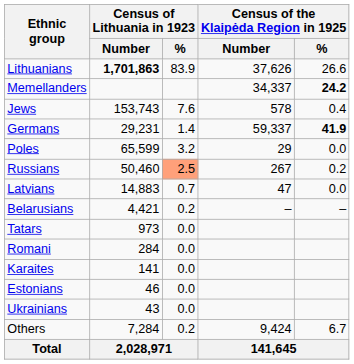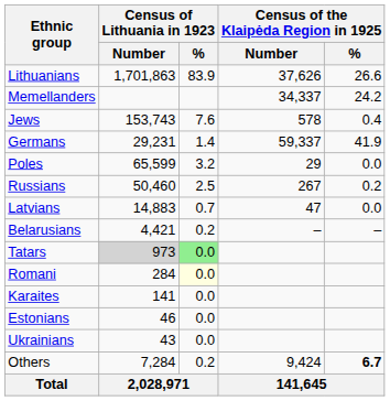 <table class="wikitable sortable">
 <tr bgcolor="#e0e0e0">
 <th rowspan="2">Ethnic<br>group</th>
 <th colspan="2">Census of<br>Lithuania in 1923</th>
 <th colspan="2">Census of the<br><a href='#'>Klaipėda Region</a> in 1925</th>
 </tr>
 <tr bgcolor="#e0e0e0">
 <th>Number</th>
 <th>%</th>
 <th>Number</th>
 <th>%</th>
 </tr>
 <tr>
 <td><a href='#'>Lithuanians</a></td>
-<td align="right"><strong>1,701,863</strong></td>
+<td align="right">1,701,863</td>
 <td align="right">83.9</td>
 <td align="right">37,626</td>
 <td align="right">26.6</td>
 </tr>
 <tr>
 <td><a href='#'>Memellanders</a></td>
 <td align="right"></td>
 <td align="right"></td>
 <td align="right">34,337</td>
-<td align="right"><strong>24.2</strong></td>
+<td align="right">24.2</td>
 </tr>
 <tr>
 <td><a href='#'>Jews</a></td>
 <td align="right">153,743</td>
 <td align="right">7.6</td>
 <td align="right">578</td>
 <td align="right">0.4</td>
 </tr>
 <tr>
 <td><a href='#'>Germans</a></td>
 <td align="right">29,231</td>
 <td align="right">1.4</td>
 <td align="right">59,337</td>
-<td align="right"><strong>41.9</strong></td>
+<td align="right">41.9</td>
 </tr>
 <tr>
 <td><a href='#'>Poles</a></td>
 <td align="right">65,599</td>
 <td align="right">3.2</td>
 <td align="right">29</td>
 <td align="right">0.0</td>
 </tr>
 <tr>
 <td><a href='#'>Russians</a></td>
 <td align="right">50,460</td>
-<td align="right" style="background: lightsalmon;">2.5</td>
+<td align="right">2.5</td>
 <td align="right">267</td>
 <td align="right">0.2</td>
 </tr>
 <tr>
 <td><a href='#'>Latvians</a></td>
 <td align="right">14,883</td>
 <td align="right">0.7</td>
 <td align="right">47</td>
 <td align="right">0.0</td>
 </tr>
 <tr>
 <td><a href='#'>Belarusians</a></td>
 <td align="right">4,421</td>
 <td align="right">0.2</td>
 <td align="right">–</td>
 <td align="right">–</td>
 </tr>
 <tr>
 <td><a href='#'>Tatars</a></td>
-<td align="right">973</td>
-<td align="right">0.0</td>
+<td align="right" style="background: lightgrey;">973</td>
+<td align="right" style="background: lightgreen;">0.0</td>
 <td align="right"></td>
 <td align="right"></td>
 </tr>
 <tr>
 <td><a href='#'>Romani</a></td>
 <td align="right">284</td>
-<td align="right">0.0</td>
+<td align="right" style="background: lightyellow;">0.0</td>
 <td align="right"></td>
 <td align="right"></td>
 </tr>
 <tr>
 <td><a href='#'>Karaites</a></td>
 <td align="right">141</td>
 <td align="right">0.0</td>
 <td align="right"></td>
 <td align="right"></td>
 </tr>
 <tr>
 <td><a href='#'>Estonians</a></td>
 <td align="right">46</td>
 <td align="right">0.0</td>
 <td align="right"></td>
 <td align="right"></td>
 </tr>
 <tr>
 <td><a href='#'>Ukrainians</a></td>
 <td align="right">43</td>
 <td align="right">0.0</td>
 <td align="right"></td>
 <td align="right"></td>
 </tr>
 <tr>
 <td>Others</td>
 <td align="right">7,284</td>
 <td align="right">0.2</td>
 <td align="right">9,424</td>
-<td align="right">6.7</td>
+<td align="right"><strong>6.7</strong></td>
 </tr>
 <tr bgcolor="#e0e0e0">
 <th align="left">Total</th>
 <th colspan="2">2,028,971</th>
 <th colspan="2">141,645</th>
 </tr>
 </table>
